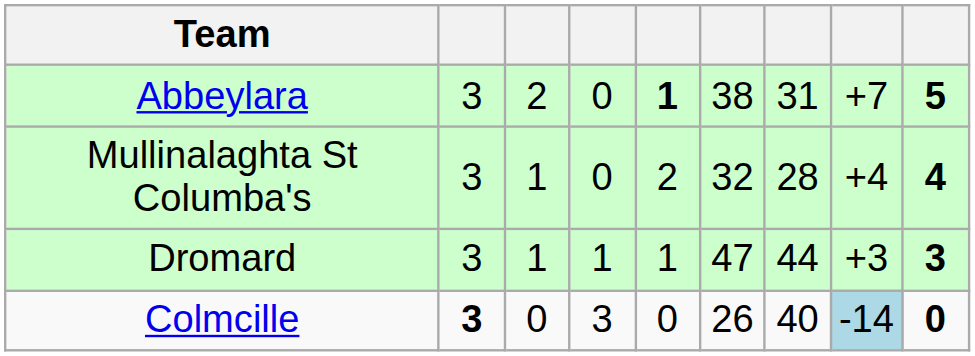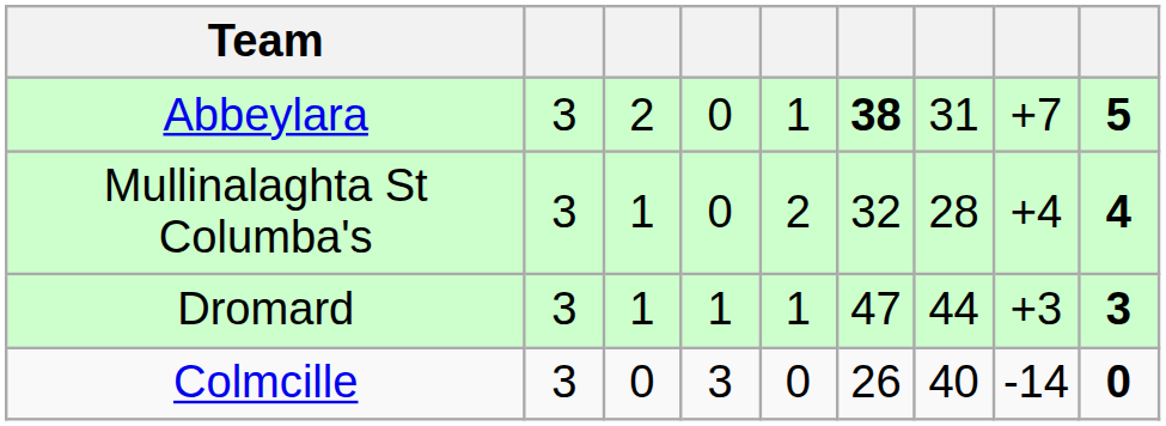 <table class="wikitable" style="text-align:center">
 <tr>
 <th style="width:175px;">Team</th>
 <th width="20"></th>
 <th width="20"></th>
 <th width="20"></th>
 <th width="20"></th>
 <th width="20"></th>
 <th width="20"></th>
 <th width="20"></th>
 <th width="20"></th>
 </tr>
 <tr style="background:#cfc;">
 <td><a href='#'>Abbeylara</a></td>
 <td>3</td>
 <td>2</td>
 <td>0</td>
-<td><strong>1</strong></td>
-<td>38</td>
+<td>1</td>
+<td><strong>38</strong></td>
 <td>31</td>
 <td>+7</td>
 <td><strong>5</strong></td>
 </tr>
 <tr style="background:#cfc;">
 <td>Mullinalaghta St Columba's</td>
 <td>3</td>
 <td>1</td>
 <td>0</td>
 <td>2</td>
 <td>32</td>
 <td>28</td>
 <td>+4</td>
 <td><strong>4</strong></td>
 </tr>
 <tr style="background:#cfc;">
 <td>Dromard</td>
 <td>3</td>
 <td>1</td>
 <td>1</td>
 <td>1</td>
 <td>47</td>
 <td>44</td>
 <td>+3</td>
 <td><strong>3</strong></td>
 </tr>
 <tr>
 <td><a href='#'>Colmcille</a></td>
-<td><strong>3</strong></td>
+<td>3</td>
 <td>0</td>
 <td>3</td>
 <td>0</td>
 <td>26</td>
 <td>40</td>
-<td style="background: lightblue;">-14</td>
+<td>-14</td>
 <td><strong>0</strong></td>
 </tr>
 </table>
